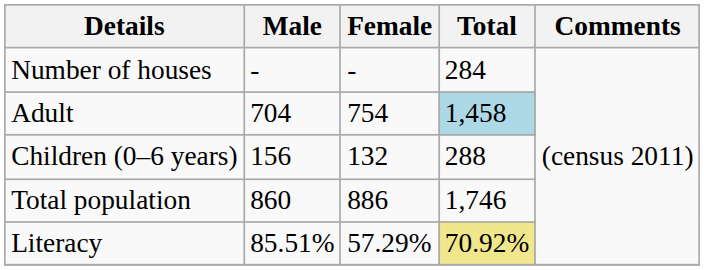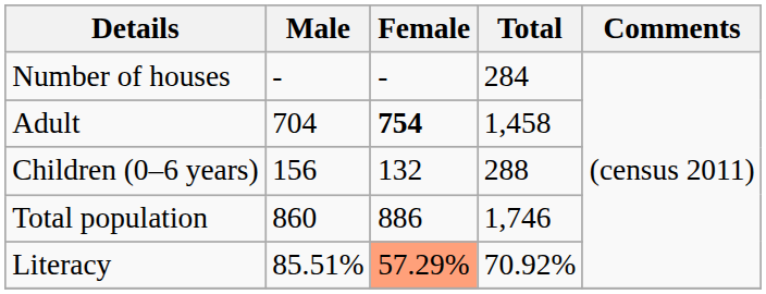 <table class="wikitable sortable">
 <tr>
 <th>Details</th>
 <th>Male</th>
 <th>Female</th>
 <th>Total</th>
 <th>Comments</th>
 </tr>
 <tr>
 <td>Number of houses</td>
 <td>-</td>
 <td>-</td>
 <td>284</td>
 <td rowspan="5">(census 2011) </td>
 </tr>
 <tr>
 <td>Adult</td>
 <td>704</td>
-<td>754</td>
-<td style="background: lightblue;">1,458</td>
+<td><strong>754</strong></td>
+<td>1,458</td>
 </tr>
 <tr>
 <td>Children (0–6 years)</td>
 <td>156</td>
 <td>132</td>
 <td>288</td>
 </tr>
 <tr>
 <td>Total population</td>
 <td>860</td>
 <td>886</td>
 <td>1,746</td>
 </tr>
 <tr>
 <td>Literacy</td>
 <td>85.51%</td>
-<td>57.29%</td>
-<td style="background: khaki;">70.92%</td>
+<td style="background: lightsalmon;">57.29%</td>
+<td>70.92%</td>
 </tr>
 <tr>
 </tr>
 </table>
